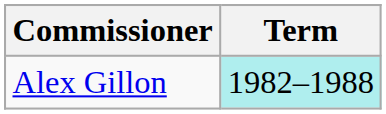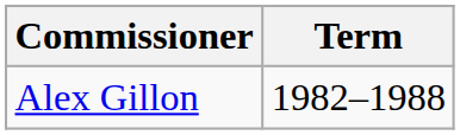 <table class="wikitable">
 <tr>
 <th Commissioners>Commissioner</th>
 <th>Term</th>
 </tr>
 <tr>
 <td><a href='#'>Alex Gillon</a></td>
-<td style="background: paleturquoise;">1982–1988</td>
+<td>1982–1988</td>
 </tr>
 </table>
